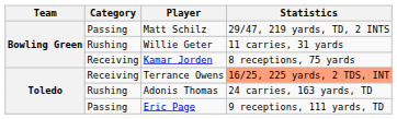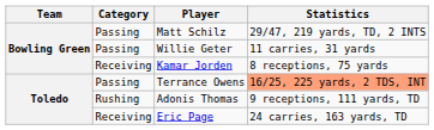 <table class="wikitable" style="float:right">
 <tr>
 <th>Team</th>
 <th>Category</th>
 <th>Player</th>
 <th>Statistics</th>
 </tr>
 <tr>
 <th rowspan=3>Bowling Green</th>
 <td>Passing</td>
 <td>Matt Schilz</td>
 <td>29/47, 219 yards, TD, 2 INTS</td>
 </tr>
 <tr>
-<td>Rushing</td>
+<td>Passing</td>
 <td>Willie Geter</td>
 <td>11 carries, 31 yards</td>
 </tr>
 <tr>
 <td>Receiving</td>
 <td><a href='#'>Kamar Jorden</a></td>
 <td>8 receptions, 75 yards</td>
 </tr>
 <tr>
 <th rowspan=3>Toledo</th>
-<td>Receiving</td>
+<td>Passing</td>
 <td>Terrance Owens</td>
 <td style="background: lightsalmon;">16/25, 225 yards, 2 TDS, INT</td>
 </tr>
 <tr>
 <td>Rushing</td>
 <td>Adonis Thomas</td>
+<td>9 receptions, 111 yards, TD</td>
+</tr>
+<tr>
+<td>Receiving</td>
+<td><a href='#'>Eric Page</a></td>
 <td>24 carries, 163 yards, TD</td>
 </tr>
-<tr>
-<td>Passing</td>
-<td><a href='#'>Eric Page</a></td>
-<td>9 receptions, 111 yards, TD</td>
-</tr>
 </table>
